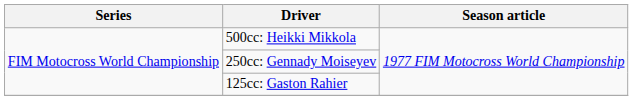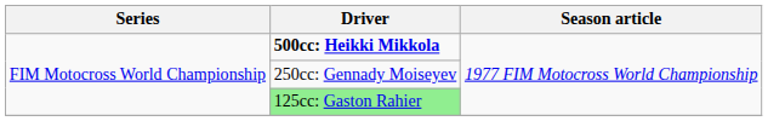 <table class="wikitable" style="font-size: 87%;">
 <tr>
 <th>Series</th>
 <th>Driver</th>
 <th>Season article</th>
 </tr>
 <tr>
 <td rowspan=3><a href='#'>FIM Motocross World Championship</a></td>
-<td>500cc:  <a href='#'>Heikki Mikkola</a></td>
+<td><strong>500cc:  <a href='#'>Heikki Mikkola</a></strong></td>
 <td rowspan=3><em><a href='#'>1977 FIM Motocross World Championship</a></em></td>
 </tr>
 <tr>
 <td>250cc:  <a href='#'>Gennady Moiseyev</a></td>
 </tr>
 <tr>
-<td>125cc:  <a href='#'>Gaston Rahier</a></td>
+<td style="background: lightgreen;">125cc:  <a href='#'>Gaston Rahier</a></td>
 </tr>
 <tr>
 </tr>
 </table>
